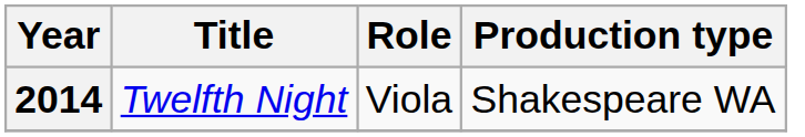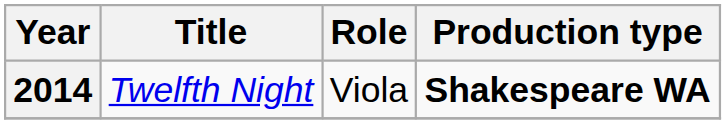 <table class="wikitable sortable plainrowheaders">
 <tr>
 <th scope="col">Year</th>
 <th scope="col">Title</th>
 <th scope="col">Role</th>
 <th scope="col">Production type</th>
 </tr>
 <tr>
 <th scope="row">2014</th>
 <td><em><a href='#'>Twelfth Night</a></em></td>
 <td>Viola</td>
-<td>Shakespeare WA</td>
+<td><strong>Shakespeare WA</strong></td>
 </tr>
 <tr>
 </tr>
 </table>
